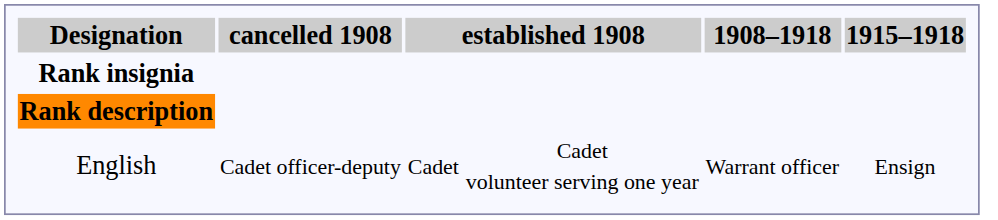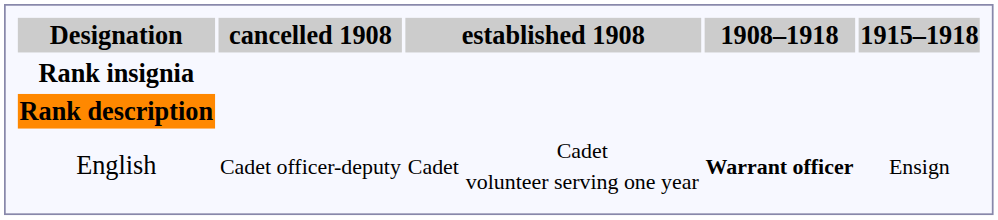 <table style="border:1px solid #8888aa; background-color:#f7f8ff; padding:5px; font-size:95%; margin: 0px 12px 12px 0px;">
 <tr bgcolor="#CCCCCC">
 <th>Designation</th>
 <th colspan=2>cancelled 1908</th>
 <th colspan=3>established 1908</th>
 <th colspan=1>1908–1918</th>
 <th colspan=1>1915–1918</th>
 </tr>
 <tr align="center">
 <th>Rank insignia</th>
 <th></th>
 <th></th>
 <th></th>
 <th></th>
 <th></th>
 <th></th>
 <th></th>
 </tr>
 <tr align="center">
 <th style="background:#ff8800; color:black;">Rank description</th>
 <td colspan=2></td>
 <td colspan=2></td>
 <td colspan=1></td>
 <td></td>
 <td colspan=1></td>
 </tr>
 <tr align="center">
 <td>English</td>
 <td colspan=2><small>Cadet officer-deputy</small></td>
 <td colspan=2><small>Cadet</small></td>
 <td colspan=1><small>Cadet<br>volunteer serving one year</small></td>
-<td><small>Warrant officer</small></td>
+<td><strong><small>Warrant officer</small></strong></td>
 <td colspan=1><small>Ensign</small></td>
 </tr>
 <tr align="center">
 </tr>
 </table>
